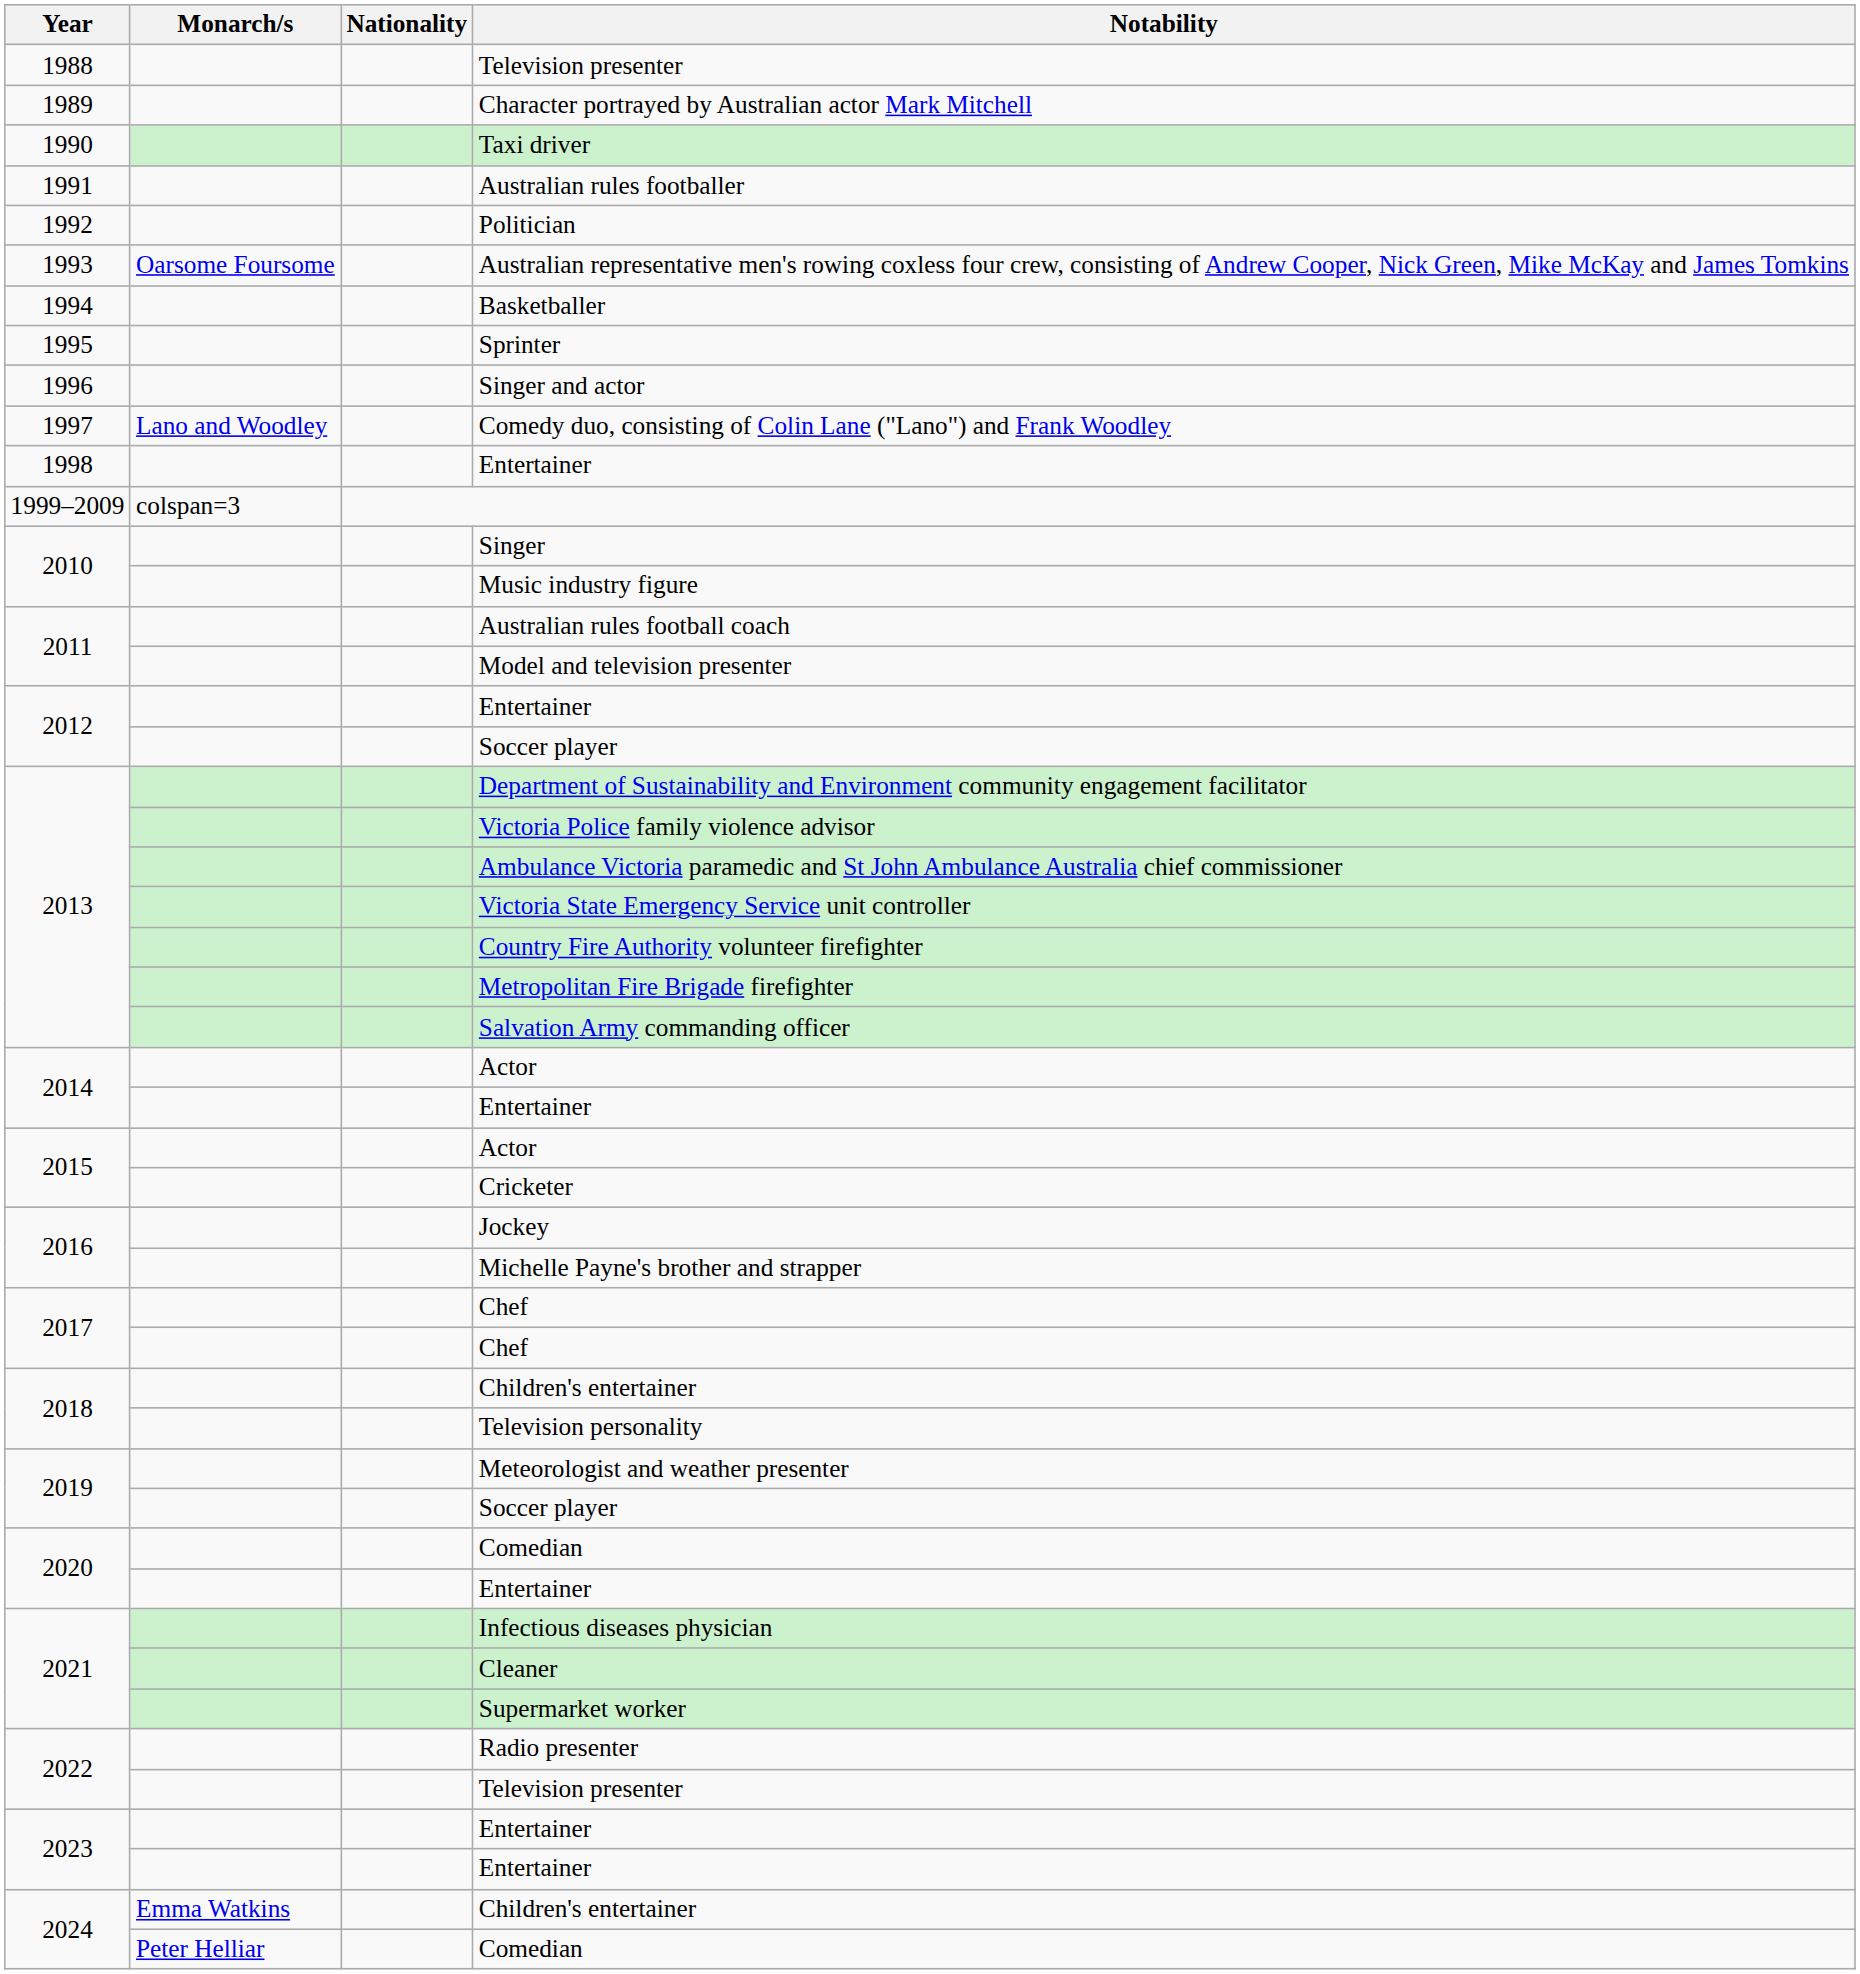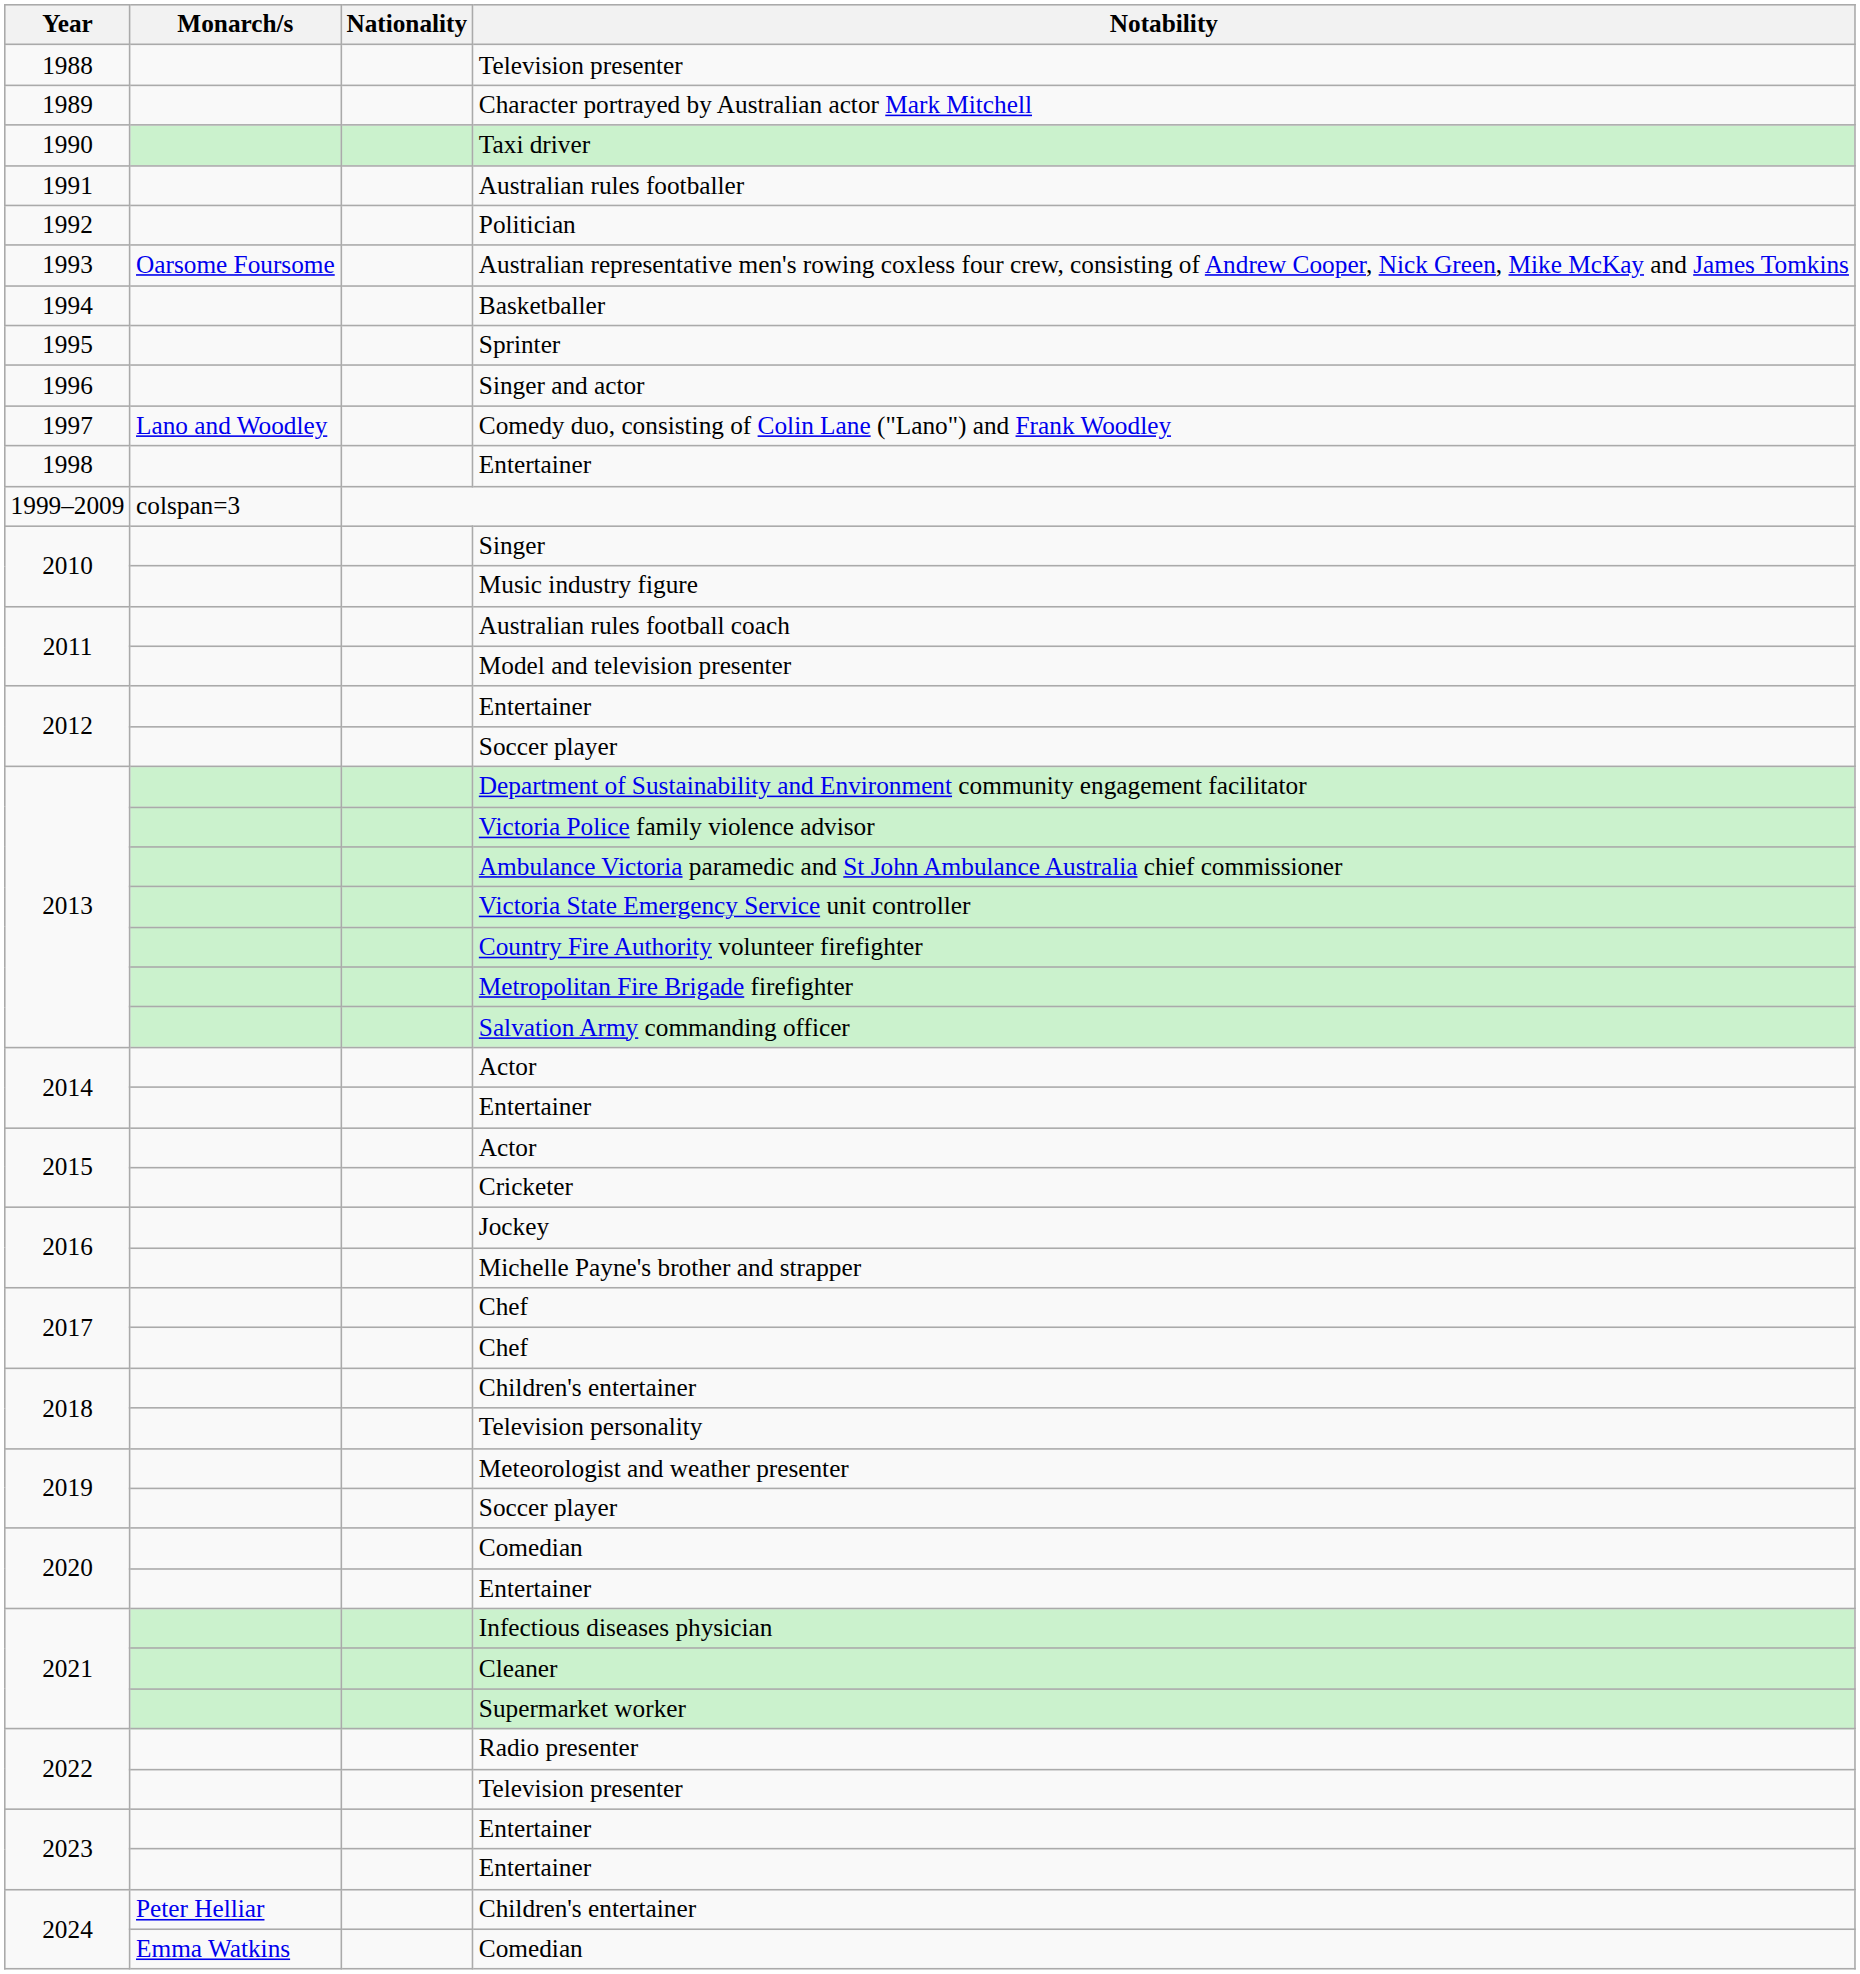 <table class="wikitable sortable">
 <tr>
 <th>Year</th>
 <th>Monarch/s</th>
 <th>Nationality</th>
 <th class="unsortable">Notability</th>
 </tr>
 <tr>
 <td align=center>1988</td>
 <td></td>
 <td></td>
 <td>Television presenter</td>
 </tr>
 <tr>
 <td align=center>1989</td>
 <td></td>
 <td></td>
 <td>Character portrayed by Australian actor <a href='#'>Mark Mitchell</a></td>
 </tr>
 <tr>
 <td align=center>1990</td>
 <td style="background:#CBF2CD"></td>
 <td style="background:#CBF2CD"></td>
 <td style="background:#CBF2CD">Taxi driver</td>
 </tr>
 <tr>
 <td align=center>1991</td>
 <td></td>
 <td></td>
 <td>Australian rules footballer</td>
 </tr>
 <tr>
 <td align=center>1992</td>
 <td></td>
 <td></td>
 <td>Politician</td>
 </tr>
 <tr>
 <td align=center>1993</td>
 <td><a href='#'>Oarsome Foursome</a></td>
 <td></td>
 <td>Australian representative men's rowing coxless four crew, consisting of <a href='#'>Andrew Cooper</a>, <a href='#'>Nick Green</a>, <a href='#'>Mike McKay</a> and <a href='#'>James Tomkins</a></td>
 </tr>
 <tr>
 <td align=center>1994</td>
 <td></td>
 <td></td>
 <td>Basketballer</td>
 </tr>
 <tr>
 <td align=center>1995</td>
 <td></td>
 <td></td>
 <td>Sprinter</td>
 </tr>
 <tr>
 <td align=center>1996</td>
 <td></td>
 <td></td>
 <td>Singer and actor</td>
 </tr>
 <tr>
 <td align=center>1997</td>
 <td><a href='#'>Lano and Woodley</a></td>
 <td></td>
 <td>Comedy duo, consisting of <a href='#'>Colin Lane</a> ("Lano") and <a href='#'>Frank Woodley</a></td>
 </tr>
 <tr>
 <td align=center>1998</td>
 <td></td>
 <td></td>
 <td>Entertainer</td>
 </tr>
 <tr>
 <td align=center>1999–2009</td>
 <td>colspan=3 </td>
 </tr>
 <tr>
 <td align=center rowspan=2>2010</td>
 <td></td>
 <td></td>
 <td>Singer</td>
 </tr>
 <tr>
 <td></td>
 <td></td>
 <td>Music industry figure</td>
 </tr>
 <tr>
 <td align=center rowspan=2>2011</td>
 <td></td>
 <td></td>
 <td>Australian rules football coach</td>
 </tr>
 <tr>
 <td></td>
 <td></td>
 <td>Model and television presenter</td>
 </tr>
 <tr>
 <td align=center rowspan=2>2012</td>
 <td></td>
 <td></td>
 <td>Entertainer</td>
 </tr>
 <tr>
 <td></td>
 <td></td>
 <td>Soccer player</td>
 </tr>
 <tr>
 <td align=center rowspan=7>2013</td>
 <td style="background:#CBF2CD"></td>
 <td style="background:#CBF2CD"></td>
 <td style="background:#CBF2CD"><a href='#'>Department of Sustainability and Environment</a> community engagement facilitator</td>
 </tr>
 <tr>
 <td style="background:#CBF2CD"></td>
 <td style="background:#CBF2CD"></td>
 <td style="background:#CBF2CD"><a href='#'>Victoria Police</a> family violence advisor</td>
 </tr>
 <tr>
 <td style="background:#CBF2CD"></td>
 <td style="background:#CBF2CD"></td>
 <td style="background:#CBF2CD"><a href='#'>Ambulance Victoria</a> paramedic and <a href='#'>St John Ambulance Australia</a> chief commissioner</td>
 </tr>
 <tr>
 <td style="background:#CBF2CD"></td>
 <td style="background:#CBF2CD"></td>
 <td style="background:#CBF2CD"><a href='#'>Victoria State Emergency Service</a> unit controller</td>
 </tr>
 <tr>
 <td style="background:#CBF2CD"></td>
 <td style="background:#CBF2CD"></td>
 <td style="background:#CBF2CD"><a href='#'>Country Fire Authority</a> volunteer firefighter</td>
 </tr>
 <tr>
 <td style="background:#CBF2CD"></td>
 <td style="background:#CBF2CD"></td>
 <td style="background:#CBF2CD"><a href='#'>Metropolitan Fire Brigade</a> firefighter</td>
 </tr>
 <tr>
 <td style="background:#CBF2CD"></td>
 <td style="background:#CBF2CD"></td>
 <td style="background:#CBF2CD"><a href='#'>Salvation Army</a> commanding officer</td>
 </tr>
 <tr>
 <td align=center rowspan=2>2014</td>
 <td></td>
 <td></td>
 <td>Actor</td>
 </tr>
 <tr>
 <td></td>
 <td></td>
 <td>Entertainer</td>
 </tr>
 <tr>
 <td align=center rowspan=2>2015</td>
 <td></td>
 <td></td>
 <td>Actor</td>
 </tr>
 <tr>
 <td></td>
 <td></td>
 <td>Cricketer</td>
 </tr>
 <tr>
 <td align=center rowspan=2>2016</td>
 <td></td>
 <td></td>
 <td>Jockey</td>
 </tr>
 <tr>
 <td></td>
 <td></td>
 <td>Michelle Payne's brother and strapper</td>
 </tr>
 <tr>
 <td align=center rowspan=2>2017</td>
 <td></td>
 <td></td>
 <td>Chef</td>
 </tr>
 <tr>
 <td></td>
 <td></td>
 <td>Chef</td>
 </tr>
 <tr>
 <td align=center rowspan=2>2018</td>
 <td></td>
 <td></td>
 <td>Children's entertainer</td>
 </tr>
 <tr>
 <td></td>
 <td></td>
 <td>Television personality</td>
 </tr>
 <tr>
 <td align=center rowspan=2>2019</td>
 <td></td>
 <td></td>
 <td>Meteorologist and weather presenter</td>
 </tr>
 <tr>
 <td></td>
 <td></td>
 <td>Soccer player</td>
 </tr>
 <tr>
 <td align=center rowspan=2>2020</td>
 <td></td>
 <td></td>
 <td>Comedian</td>
 </tr>
 <tr>
 <td></td>
 <td></td>
 <td>Entertainer</td>
 </tr>
 <tr>
 <td align=center rowspan=3>2021</td>
 <td style="background:#CBF2CD"></td>
 <td style="background:#CBF2CD"></td>
 <td style="background:#CBF2CD">Infectious diseases physician</td>
 </tr>
 <tr>
 <td style="background:#CBF2CD"></td>
 <td style="background:#CBF2CD"></td>
 <td style="background:#CBF2CD">Cleaner</td>
 </tr>
 <tr>
 <td style="background:#CBF2CD"></td>
 <td style="background:#CBF2CD"></td>
 <td style="background:#CBF2CD">Supermarket worker</td>
 </tr>
 <tr>
 <td align=center rowspan=2>2022</td>
 <td></td>
 <td></td>
 <td>Radio presenter</td>
 </tr>
 <tr>
 <td></td>
 <td></td>
 <td>Television presenter</td>
 </tr>
 <tr>
 <td align=center rowspan=2>2023</td>
 <td></td>
 <td></td>
 <td>Entertainer</td>
 </tr>
 <tr>
 <td></td>
 <td></td>
 <td>Entertainer</td>
 </tr>
 <tr>
 <td align=center rowspan=2>2024</td>
-<td><a href='#'>Emma Watkins</a></td>
+<td><a href='#'>Peter Helliar</a></td>
 <td></td>
 <td>Children's entertainer</td>
 </tr>
 <tr>
-<td><a href='#'>Peter Helliar</a></td>
+<td><a href='#'>Emma Watkins</a></td>
 <td></td>
 <td>Comedian</td>
 </tr>
 </table>
